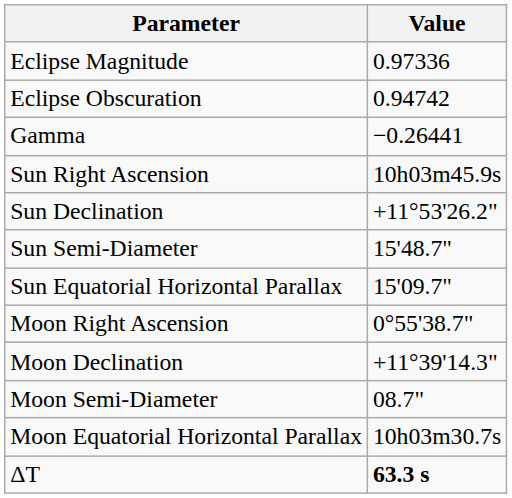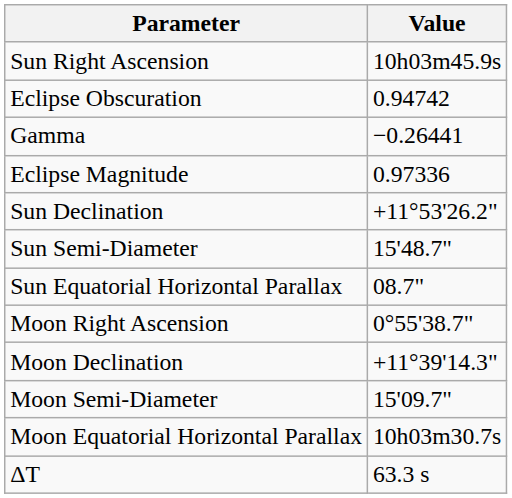 <table class="wikitable">
 <tr>
 <th>Parameter</th>
 <th>Value</th>
 </tr>
 <tr>
-<td>Eclipse Magnitude</td>
-<td>0.97336</td>
+<td>Sun Right Ascension</td>
+<td>10h03m45.9s</td>
 </tr>
 <tr>
 <td>Eclipse Obscuration</td>
 <td>0.94742</td>
 </tr>
 <tr>
 <td>Gamma</td>
 <td>−0.26441</td>
 </tr>
 <tr>
-<td>Sun Right Ascension</td>
-<td>10h03m45.9s</td>
+<td>Eclipse Magnitude</td>
+<td>0.97336</td>
 </tr>
 <tr>
 <td>Sun Declination</td>
 <td>+11°53'26.2"</td>
 </tr>
 <tr>
 <td>Sun Semi-Diameter</td>
 <td>15'48.7"</td>
 </tr>
 <tr>
 <td>Sun Equatorial Horizontal Parallax</td>
-<td>15'09.7"</td>
+<td>08.7"</td>
 </tr>
 <tr>
 <td>Moon Right Ascension</td>
 <td>0°55'38.7"</td>
 </tr>
 <tr>
 <td>Moon Declination</td>
 <td>+11°39'14.3"</td>
 </tr>
 <tr>
 <td>Moon Semi-Diameter</td>
-<td>08.7"</td>
+<td>15'09.7"</td>
 </tr>
 <tr>
 <td>Moon Equatorial Horizontal Parallax</td>
 <td>10h03m30.7s</td>
 </tr>
 <tr>
 <td>ΔT</td>
-<td><strong>63.3 s</strong></td>
+<td>63.3 s</td>
 </tr>
 </table>
